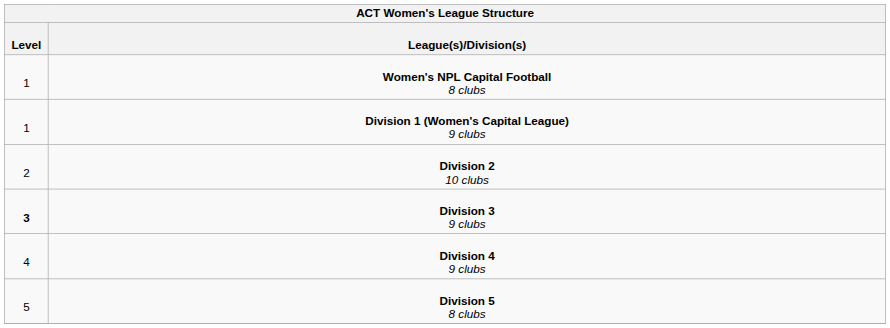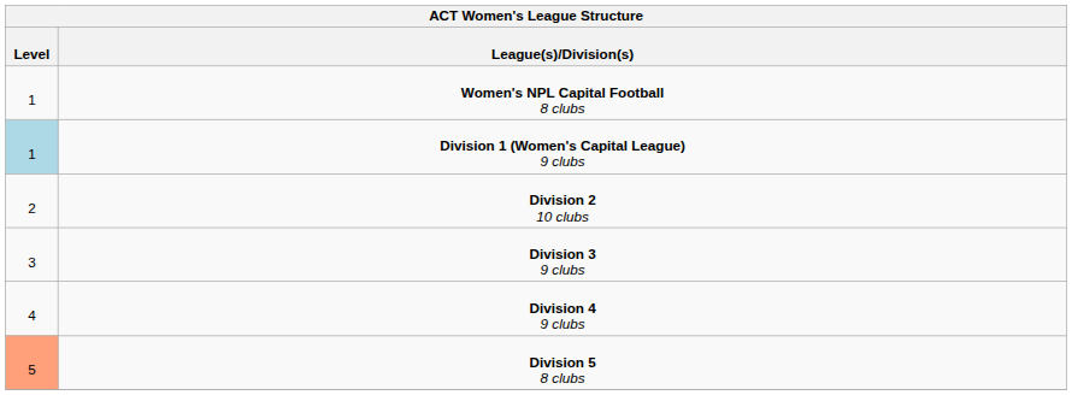 <table class="wikitable collapsible collapsed" style="text-align: center">
 <tr>
 <th colspan="2">ACT Women's League Structure</th>
 </tr>
 <tr>
 <th colspan="1" width="4%"><br>Level</th>
 <th colspan="6" width="76%"><br>League(s)/Division(s)</th>
 </tr>
 <tr>
 <td colspan="1" width="4%"><br>1</td>
 <td colspan="6" width="76%"><br><strong>Women's NPL Capital Football</strong><br> <em>8 clubs</em></td>
 </tr>
 <tr>
-<td colspan="1" width="4%"><br>1</td>
+<td colspan="1" width="4%" style="background: lightblue;"><br>1</td>
 <td colspan="6" width="76%"><br><strong>Division 1 (Women's Capital League)</strong><br> <em>9 clubs</em></td>
 </tr>
 <tr>
 <td colspan="1" width="4%"><br>2</td>
 <td colspan="6" width="76%"><br><strong>Division 2</strong><br> <em>10 clubs</em></td>
 </tr>
 <tr>
-<td colspan="1" width="4%"><strong><br>3</strong></td>
+<td colspan="1" width="4%"><br>3</td>
 <td colspan="6" width="76%"><br><strong>Division 3</strong><br> <em>9 clubs</em></td>
 </tr>
 <tr>
 <td colspan="1" width="4%"><br>4</td>
 <td colspan="6" width="76%"><br><strong>Division 4</strong><br> <em>9 clubs</em></td>
 </tr>
 <tr>
-<td colspan="1" width="4%"><br>5</td>
+<td colspan="1" width="4%" style="background: lightsalmon;"><br>5</td>
 <td colspan="6" width="76%"><br><strong>Division 5</strong><br> <em>8 clubs</em></td>
 </tr>
 <tr>
 </tr>
 </table>
